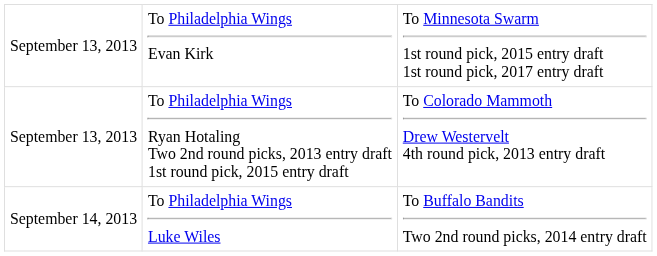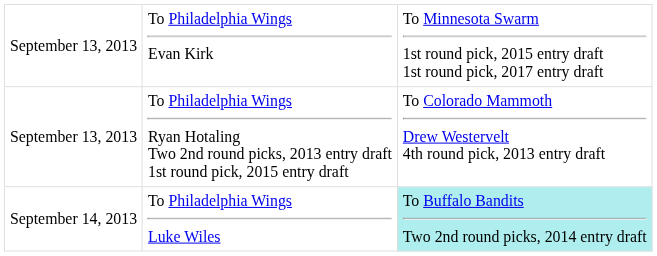 <table border=1 style="border-collapse:collapse" bordercolor="#DFDFDF"  cellpadding="5">
 <tr>
 <td>September 13, 2013</td>
 <td valign="top">To <a href='#'>Philadelphia Wings</a><hr>Evan Kirk</td>
 <td valign="top">To <a href='#'>Minnesota Swarm</a><hr>1st round pick, 2015 entry draft<br>1st round pick, 2017 entry draft</td>
 </tr>
 <tr>
 <td>September 13, 2013</td>
 <td valign="top">To <a href='#'>Philadelphia Wings</a><hr>Ryan Hotaling<br>Two 2nd round picks, 2013 entry draft<br>1st round pick, 2015 entry draft</td>
 <td valign="top">To <a href='#'>Colorado Mammoth</a><hr><a href='#'>Drew Westervelt</a><br>4th round pick, 2013 entry draft</td>
 </tr>
 <tr>
 <td>September 14, 2013</td>
 <td valign="top">To <a href='#'>Philadelphia Wings</a><hr><a href='#'>Luke Wiles</a></td>
-<td valign="top">To <a href='#'>Buffalo Bandits</a><hr>Two 2nd round picks, 2014 entry draft</td>
+<td valign="top" style="background: paleturquoise;">To <a href='#'>Buffalo Bandits</a><hr>Two 2nd round picks, 2014 entry draft</td>
 </tr>
 </table>
